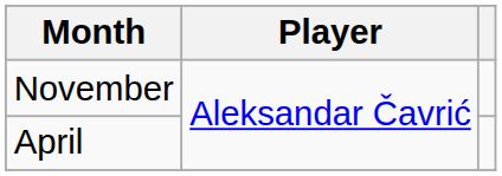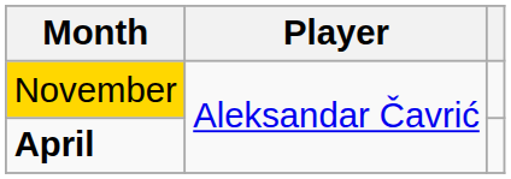 <table class="wikitable" style="text-align:left">
 <tr>
 <th>Month</th>
 <th>Player</th>
 <th></th>
 </tr>
 <tr>
-<td>November</td>
+<td style="background: gold;">November</td>
 <td rowspan="2"> <a href='#'>Aleksandar Čavrić</a></td>
 <td></td>
 </tr>
 <tr>
-<td>April</td>
+<td><strong>April</strong></td>
 <td></td>
 </tr>
 </table>
